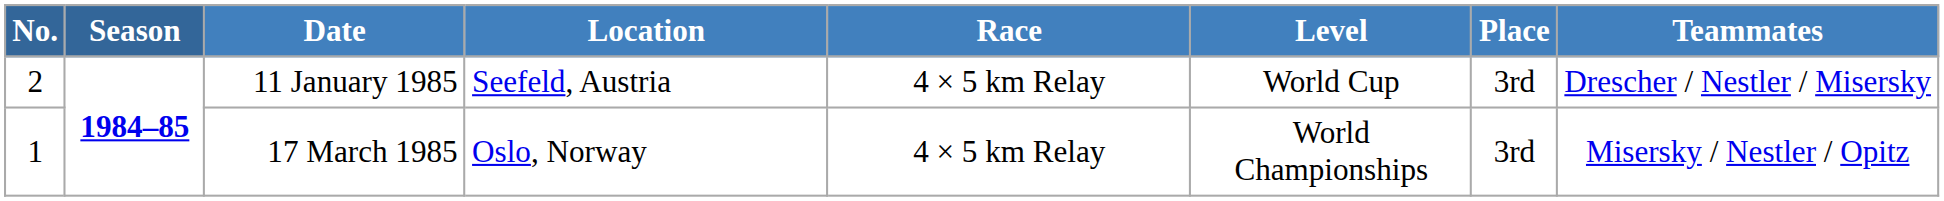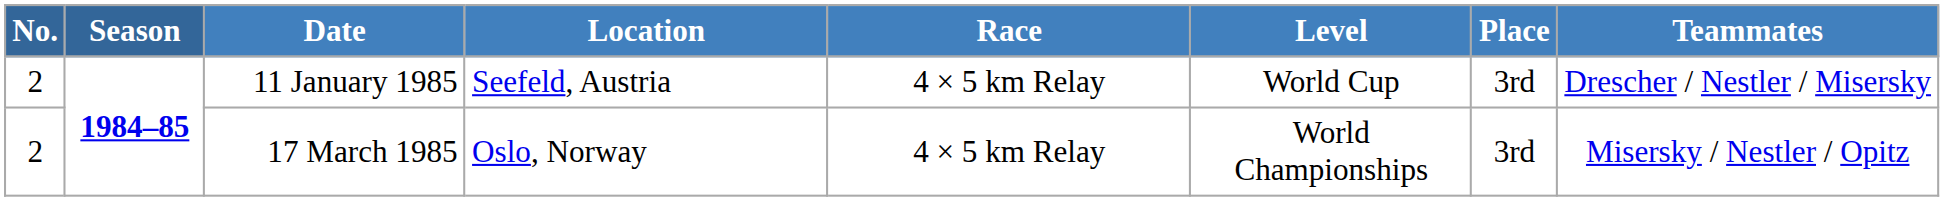 <table class="wikitable sortable" style="font-size:95%; text-align:center; border:grey solid 1px; border-collapse:collapse; background:#ffffff;">
 <tr style="background:#efefef;">
 <th style="background-color:#369; color:white;">No.</th>
 <th style="background-color:#369; color:white;">Season</th>
 <th style="background-color:#4180be; color:white; width:120px;">Date</th>
 <th style="background-color:#4180be; color:white; width:170px;">Location</th>
 <th style="background-color:#4180be; color:white; width:170px;">Race</th>
 <th style="background-color:#4180be; color:white; width:130px;">Level</th>
 <th style="background-color:#4180be; color:white;">Place</th>
 <th style="background-color:#4180be; color:white;">Teammates</th>
 </tr>
 <tr>
 <td align=center>2</td>
 <td rowspan=2 align=center><strong> <a href='#'>1984–85</a> </strong></td>
 <td align=right>11 January 1985</td>
 <td align=left> <a href='#'>Seefeld</a>, Austria</td>
 <td>4 × 5 km Relay</td>
 <td>World Cup</td>
 <td>3rd</td>
 <td><a href='#'>Drescher</a> / <a href='#'>Nestler</a> /  <a href='#'>Misersky</a></td>
 </tr>
 <tr>
-<td align=center>1</td>
+<td align=center>2</td>
 <td align=right>17 March 1985</td>
 <td align=left> <a href='#'>Oslo</a>, Norway</td>
 <td>4 × 5 km Relay</td>
 <td>World Championships</td>
 <td>3rd</td>
 <td><a href='#'>Misersky</a> /	<a href='#'>Nestler</a> / <a href='#'>Opitz</a></td>
 </tr>
 </table>
